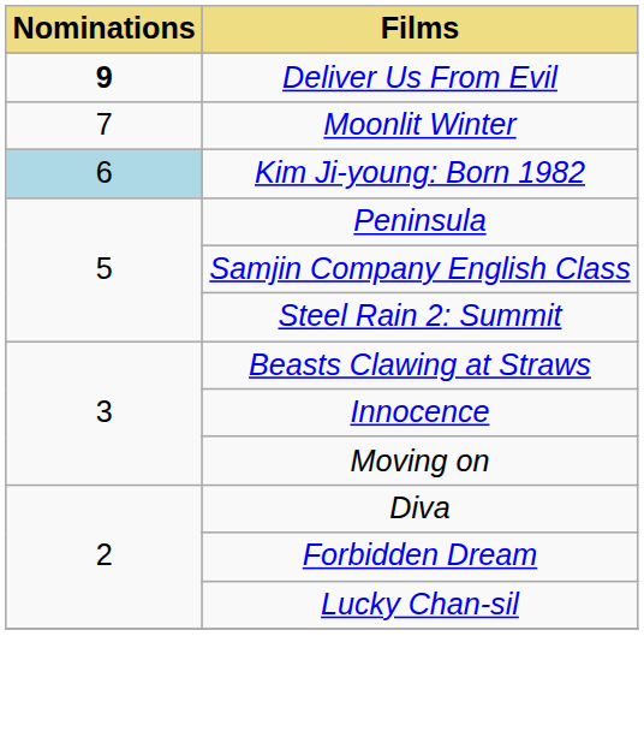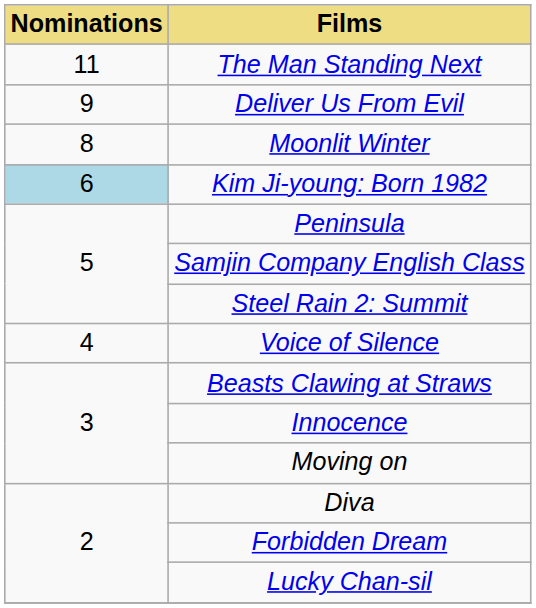 <table class="wikitable plainrowheaders" style="text-align:center;">
 <tr>
 <th style="background:#EEDD82;" ! align="center">Nominations</th>
 <th style="background:#EEDD82;" ! align="center">Films</th>
 </tr>
 <tr>
-<td style="text-align:center"><strong>9</strong></td>
+<td style="text-align:center">11</td>
+<td><em><a href='#'>The Man Standing Next</a></em></td>
+</tr>
+<tr>
+<td style="text-align:center">9</td>
 <td><em><a href='#'>Deliver Us From Evil</a></em></td>
 </tr>
 <tr>
-<td style="text-align:center">7</td>
+<td style="text-align:center">8</td>
 <td><em><a href='#'>Moonlit Winter</a></em></td>
 </tr>
 <tr>
 <td style="background: lightblue; text-align:center">6</td>
 <td><em><a href='#'>Kim Ji-young: Born 1982</a></em></td>
 </tr>
 <tr>
 <td rowspan="3" style="text-align:center">5</td>
 <td><a href='#'><em>Peninsula</em></a></td>
 </tr>
 <tr>
 <td><em><a href='#'>Samjin Company English Class</a></em></td>
 </tr>
 <tr>
 <td><em><a href='#'>Steel Rain 2: Summit</a></em></td>
+</tr>
+<tr>
+<td style="text-align:center">4</td>
+<td><em><a href='#'>Voice of Silence</a></em></td>
 </tr>
 <tr>
 <td rowspan="3" style="text-align:center">3</td>
 <td><em><a href='#'>Beasts Clawing at Straws</a></em></td>
 </tr>
 <tr>
 <td><a href='#'><em>Innocence</em></a></td>
 </tr>
 <tr>
 <td><em>Moving on</em></td>
 </tr>
 <tr>
 <td rowspan="3" style="text-align:center">2</td>
 <td><em>Diva</em></td>
 </tr>
 <tr>
 <td><em><a href='#'>Forbidden Dream</a></em></td>
 </tr>
 <tr>
 <td><em><a href='#'>Lucky Chan-sil</a></em></td>
 </tr>
 <tr>
 </tr>
 </table>
